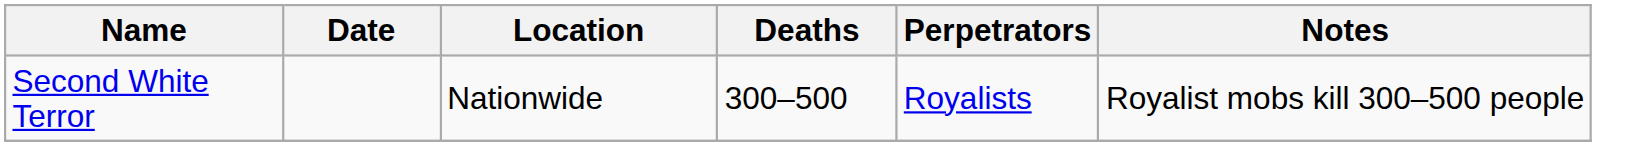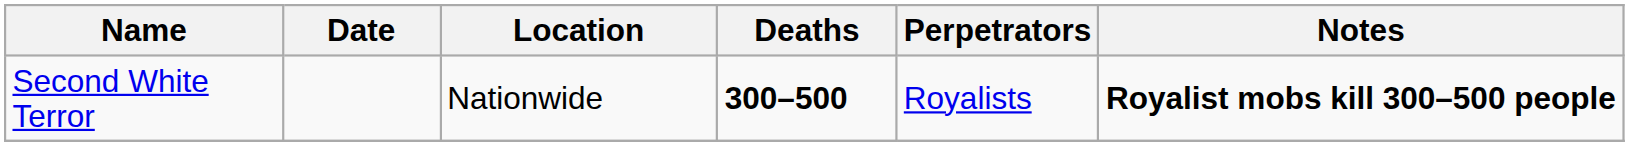 <table class="sortable wikitable" style="font-size:90%;">
 <tr>
 <th style="width:120px;">Name</th>
 <th style="width:65px;">Date</th>
 <th style="width:120px;">Location</th>
 <th ! data-sort-type="number" style="width:75px;">Deaths</th>
 <th style="width:75px;">Perpetrators</th>
 <th class="unsortable">Notes</th>
 </tr>
 <tr>
 <td><a href='#'>Second White Terror</a></td>
 <td></td>
 <td>Nationwide</td>
-<td>300–500</td>
+<td><strong>300–500</strong></td>
 <td><a href='#'>Royalists</a></td>
-<td>Royalist mobs kill 300–500 people</td>
+<td><strong>Royalist mobs kill 300–500 people</strong></td>
 </tr>
 <tr>
 </tr>
 </table>
